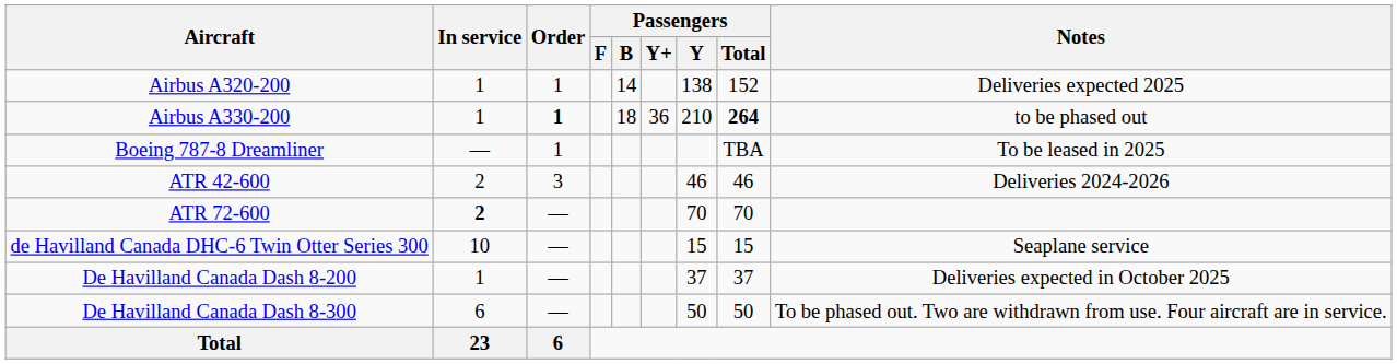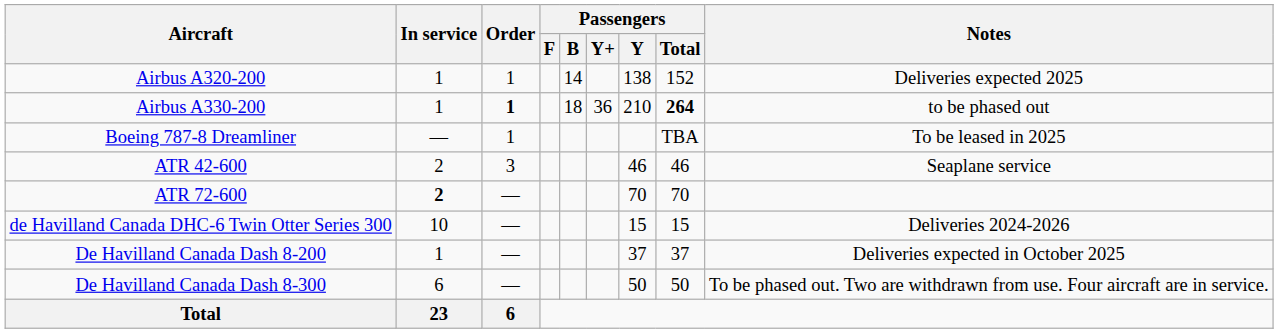 <table class="wikitable toccolours" border="1" cellpadding="2" style="margin:1em auto; border-collapse:collapse;text-align:center;">
 <tr>
 <th rowspan="2">Aircraft</th>
 <th rowspan="2">In service</th>
 <th rowspan="2">Order</th>
 <th colspan="5">Passengers</th>
 <th rowspan="2">Notes</th>
 </tr>
 <tr>
 <th><abbr>F</abbr></th>
 <th><abbr>B</abbr></th>
 <th><abbr>Y+</abbr></th>
 <th><abbr>Y</abbr></th>
 <th>Total</th>
 </tr>
 <tr>
 <td><a href='#'>Airbus A320-200</a></td>
 <td>1</td>
 <td>1</td>
 <td></td>
 <td>14</td>
 <td></td>
 <td>138</td>
 <td>152</td>
 <td>Deliveries expected 2025</td>
 </tr>
 <tr>
 <td><a href='#'>Airbus A330-200</a></td>
 <td>1</td>
 <td><strong>1</strong></td>
 <td></td>
 <td>18</td>
 <td>36</td>
 <td>210</td>
 <td><strong>264</strong></td>
 <td>to be phased out</td>
 </tr>
 <tr>
 <td><a href='#'>Boeing 787-8 Dreamliner</a></td>
 <td>—</td>
 <td>1</td>
 <td></td>
 <td></td>
 <td></td>
 <td></td>
 <td>TBA</td>
 <td>To be leased in 2025</td>
 </tr>
 <tr>
 <td><a href='#'>ATR 42-600</a></td>
 <td>2</td>
 <td>3</td>
 <td></td>
 <td></td>
 <td></td>
 <td>46</td>
 <td>46</td>
-<td>Deliveries 2024-2026</td>
+<td>Seaplane service</td>
 </tr>
 <tr>
 <td><a href='#'>ATR 72-600</a></td>
 <td><strong>2</strong></td>
 <td>—</td>
 <td></td>
 <td></td>
 <td></td>
 <td>70</td>
 <td>70</td>
 </tr>
 <tr>
 <td><a href='#'>de Havilland Canada DHC-6 Twin Otter Series 300</a></td>
 <td>10</td>
 <td>—</td>
 <td></td>
 <td></td>
 <td></td>
 <td>15</td>
 <td>15</td>
-<td>Seaplane service</td>
+<td>Deliveries 2024-2026</td>
 </tr>
 <tr>
 <td><a href='#'>De Havilland Canada Dash 8-200</a></td>
 <td>1</td>
 <td>—</td>
 <td></td>
 <td></td>
 <td></td>
 <td>37</td>
 <td>37</td>
 <td>Deliveries expected in October 2025</td>
 </tr>
 <tr>
 <td><a href='#'>De Havilland Canada Dash 8-300</a></td>
 <td>6</td>
 <td>—</td>
 <td></td>
 <td></td>
 <td></td>
 <td>50</td>
 <td>50</td>
 <td>To be phased out. Two are withdrawn from use. Four aircraft are in service.</td>
 </tr>
 <tr>
 <th>Total</th>
 <th>23</th>
 <th>6</th>
 </tr>
 </table>
